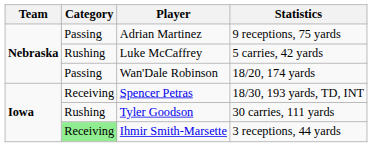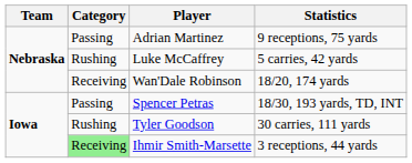 <table class="wikitable" style="float: right;">
 <tr>
 <th>Team</th>
 <th>Category</th>
 <th>Player</th>
 <th>Statistics</th>
 </tr>
 <tr>
 <td rowspan=3><strong>Nebraska</strong></td>
 <td>Passing</td>
 <td>Adrian Martinez</td>
 <td>9 receptions, 75 yards</td>
 </tr>
 <tr>
 <td>Rushing</td>
 <td>Luke McCaffrey</td>
 <td>5 carries, 42 yards</td>
 </tr>
 <tr>
-<td>Passing</td>
+<td>Receiving</td>
 <td>Wan'Dale Robinson</td>
 <td>18/20, 174 yards</td>
 </tr>
 <tr>
 <td rowspan=3><strong>Iowa</strong></td>
-<td>Receiving</td>
+<td>Passing</td>
 <td><a href='#'>Spencer Petras</a></td>
 <td>18/30, 193 yards, TD, INT</td>
 </tr>
 <tr>
 <td>Rushing</td>
 <td><a href='#'>Tyler Goodson</a></td>
 <td>30 carries, 111 yards</td>
 </tr>
 <tr>
 <td style="background: lightgreen;">Receiving</td>
 <td><a href='#'>Ihmir Smith-Marsette</a></td>
 <td>3 receptions, 44 yards</td>
 </tr>
 </table>
